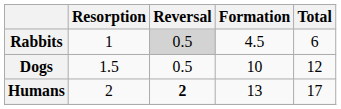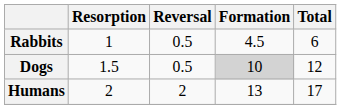 <table class="wikitable" style="text-align:center">
 <tr>
 <th></th>
 <th>Resorption</th>
 <th>Reversal</th>
 <th>Formation</th>
 <th>Total</th>
 </tr>
 <tr>
 <th>Rabbits</th>
 <td>1</td>
-<td style="background: lightgrey;">0.5</td>
+<td>0.5</td>
 <td>4.5</td>
 <td>6</td>
 </tr>
 <tr>
 <th>Dogs</th>
 <td>1.5</td>
 <td>0.5</td>
-<td>10</td>
+<td style="background: lightgrey;">10</td>
 <td>12</td>
 </tr>
 <tr>
 <th>Humans</th>
 <td>2</td>
-<td><strong>2</strong></td>
+<td>2</td>
 <td>13</td>
 <td>17</td>
 </tr>
 <tr>
 </tr>
 </table>
